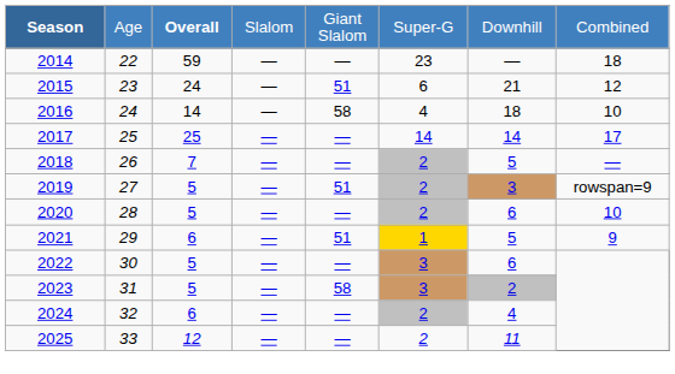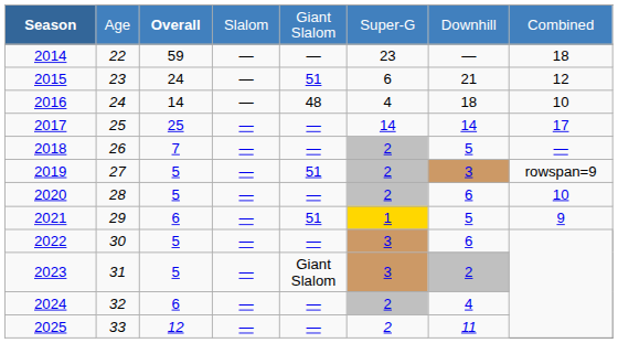 <table class="wikitable" style="font-size:95%; text-align:center; border:grey solid 1px; border-collapse:collapse;" width="40%">
 <tr style="background-color:#369; color:white;">
 <td rowspan="2" colspan="1" width="15%"><strong>Season</strong></td>
 </tr>
 <tr style="background-color:#4180be; color:white;">
 <td>Age</td>
 <td><strong>Overall</strong></td>
 <td>Slalom</td>
 <td>Giant<br>Slalom</td>
 <td>Super-G</td>
 <td>Downhill</td>
 <td>Combined</td>
 </tr>
 <tr style="background-color:#8CB2D8; color:white;">
 </tr>
 <tr>
 <td><a href='#'>2014</a></td>
 <td><em>22</em></td>
 <td>59</td>
 <td>—</td>
 <td>—</td>
 <td>23</td>
 <td>—</td>
 <td>18</td>
 </tr>
 <tr>
 <td><a href='#'>2015</a></td>
 <td><em>23</em></td>
 <td>24</td>
 <td>—</td>
 <td><a href='#'>51</a></td>
 <td>6</td>
 <td>21</td>
 <td>12</td>
 </tr>
 <tr>
 <td><a href='#'>2016</a></td>
 <td><em>24</em></td>
 <td>14</td>
 <td>—</td>
-<td>58</td>
+<td>48</td>
 <td>4</td>
 <td>18</td>
 <td>10</td>
 </tr>
 <tr>
 <td><a href='#'>2017</a></td>
 <td><em>25</em></td>
 <td><a href='#'>25</a></td>
 <td><a href='#'>—</a></td>
 <td><a href='#'>—</a></td>
 <td><a href='#'>14</a></td>
 <td><a href='#'>14</a></td>
 <td><a href='#'>17</a></td>
 </tr>
 <tr>
 <td><a href='#'>2018</a></td>
 <td><em>26</em></td>
 <td><a href='#'>7</a></td>
 <td><a href='#'>—</a></td>
 <td><a href='#'>—</a></td>
 <td bgcolor="silver"><a href='#'>2</a></td>
 <td><a href='#'>5</a></td>
 <td><a href='#'>—</a></td>
 </tr>
 <tr>
 <td><a href='#'>2019</a></td>
 <td><em>27</em></td>
 <td><a href='#'>5</a></td>
 <td><a href='#'>—</a></td>
 <td><a href='#'>51</a></td>
 <td bgcolor="silver"><a href='#'>2</a></td>
 <td bgcolor="cc9966"><a href='#'>3</a></td>
 <td>rowspan=9 </td>
 </tr>
 <tr>
 <td><a href='#'>2020</a></td>
 <td><em>28</em></td>
 <td><a href='#'>5</a></td>
 <td><a href='#'>—</a></td>
 <td><a href='#'>—</a></td>
 <td bgcolor="silver"><a href='#'>2</a></td>
 <td><a href='#'>6</a></td>
 <td><a href='#'>10</a></td>
 </tr>
 <tr>
 <td><a href='#'>2021</a></td>
 <td><em>29</em></td>
 <td><a href='#'>6</a></td>
 <td><a href='#'>—</a></td>
 <td><a href='#'>51</a></td>
 <td bgcolor="gold"><a href='#'>1</a></td>
 <td><a href='#'>5</a></td>
 <td><a href='#'>9</a></td>
 </tr>
 <tr>
 <td><a href='#'>2022</a></td>
 <td><em>30</em></td>
 <td><a href='#'>5</a></td>
 <td><a href='#'>—</a></td>
 <td><a href='#'>—</a></td>
 <td bgcolor="cc9966"><a href='#'>3</a></td>
 <td><a href='#'>6</a></td>
 </tr>
 <tr>
 <td><a href='#'>2023</a></td>
 <td><em>31</em></td>
 <td><a href='#'>5</a></td>
 <td><a href='#'>—</a></td>
-<td><a href='#'>58</a></td>
+<td>Giant<br>Slalom</td>
 <td bgcolor="cc9966"><a href='#'>3</a></td>
 <td bgcolor="silver"><a href='#'>2</a></td>
 </tr>
 <tr>
 <td><a href='#'>2024</a></td>
 <td><em>32</em></td>
 <td><a href='#'>6</a></td>
 <td><a href='#'>—</a></td>
 <td><a href='#'>—</a></td>
 <td bgcolor="silver"><a href='#'>2</a></td>
 <td><a href='#'>4</a></td>
 </tr>
 <tr>
 <td><a href='#'>2025</a></td>
 <td><em>33</em></td>
 <td><a href='#'><em>12</em></a></td>
 <td><a href='#'>—</a></td>
 <td><a href='#'>—</a></td>
 <td><a href='#'><em>2</em></a></td>
 <td><a href='#'><em>11</em></a></td>
 </tr>
 </table>
